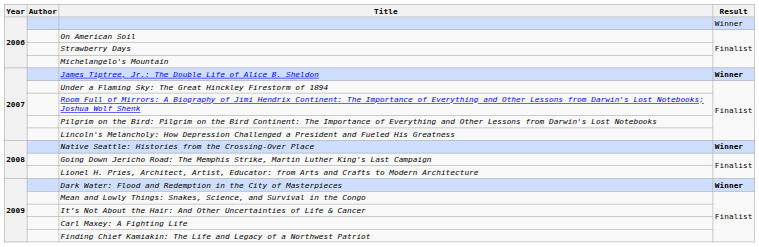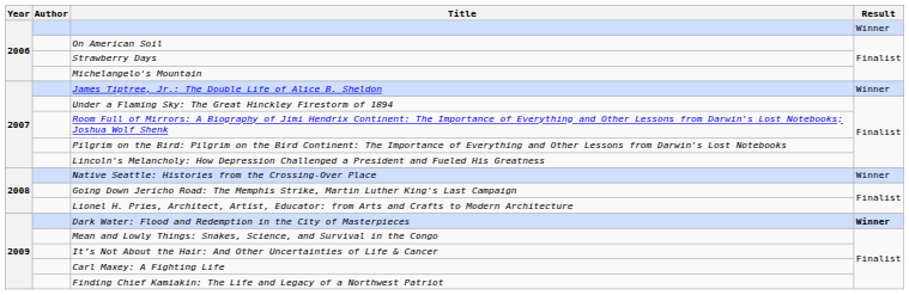 <table class="wikitable sortable mw-collapsible">
 <tr>
 <th>Year</th>
 <th>Author</th>
 <th>Title</th>
 <th>Result</th>
 </tr>
 <tr style="background:#cddeff">
 <th rowspan="4">2006</th>
 <td></td>
 <td><em></em></td>
 <td>Winner</td>
 </tr>
 <tr>
 <td></td>
 <td><em>On American Soil</em></td>
 <td rowspan="3">Finalist</td>
 </tr>
 <tr>
 <td></td>
 <td><em>Strawberry Days</em></td>
 </tr>
 <tr>
 <td></td>
 <td><em>Michelangelo's Mountain</em></td>
 </tr>
 <tr style="background:#cddeff">
 <th rowspan="5">2007</th>
 <td></td>
 <td><em><a href='#'>James Tiptree, Jr.: The Double Life of Alice B. Sheldon</a></em></td>
-<td><strong>Winner</strong></td>
+<td>Winner</td>
 </tr>
 <tr>
 <td></td>
 <td><em>Under a Flaming Sky: The Great Hinckley Firestorm of 1894</em></td>
 <td rowspan="4">Finalist</td>
 </tr>
 <tr>
 <td></td>
 <td><em><a href='#'>Room Full of Mirrors: A Biography of Jimi Hendrix Continent: The Importance of Everything and Other Lessons from Darwin's Lost Notebooks; Joshua Wolf Shenk</a></em></td>
 </tr>
 <tr>
 <td></td>
 <td><em>Pilgrim on the Bird: Pilgrim on the Bird Continent: The Importance of Everything and Other Lessons from Darwin's Lost Notebooks</em></td>
 </tr>
 <tr>
 <td></td>
 <td><em>Lincoln's Melancholy: How Depression Challenged a President and Fueled His Greatness</em></td>
 </tr>
 <tr style="background:#cddeff">
 <th rowspan="3">2008</th>
 <td></td>
 <td><em>Native Seattle: Histories from the Crossing-Over Place</em></td>
-<td><strong>Winner</strong></td>
+<td>Winner</td>
 </tr>
 <tr>
 <td></td>
 <td><em>Going Down Jericho Road: The Memphis Strike, Martin Luther King's Last Campaign</em></td>
 <td rowspan="2">Finalist</td>
 </tr>
 <tr>
 <td></td>
 <td><em>Lionel H. Pries, Architect, Artist, Educator: from Arts and Crafts to Modern Architecture</em></td>
 </tr>
 <tr style="background:#cddeff">
 <th rowspan="5">2009</th>
 <td></td>
 <td><em>Dark Water: Flood and Redemption in the City of Masterpieces</em></td>
 <td><strong>Winner</strong></td>
 </tr>
 <tr>
 <td></td>
 <td><em>Mean and Lowly Things: Snakes, Science, and Survival in the Congo</em></td>
 <td rowspan="4">Finalist</td>
 </tr>
 <tr>
 <td></td>
 <td><em>It’s Not About the Hair: And Other Uncertainties of Life & Cancer</em></td>
 </tr>
 <tr>
 <td></td>
 <td><em>Carl Maxey: A Fighting Life</em></td>
 </tr>
 <tr>
 <td></td>
 <td><em>Finding Chief Kamiakin: The Life and Legacy of a Northwest Patriot</em></td>
 </tr>
 </table>
